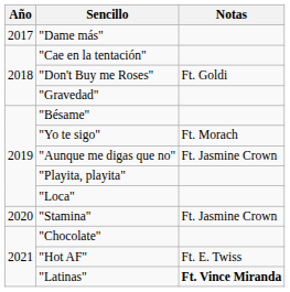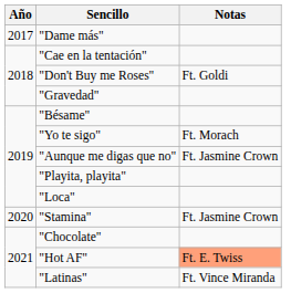 <table class="wikitable">
 <tr>
 <th>Año</th>
 <th>Sencillo</th>
 <th>Notas</th>
 </tr>
 <tr>
 <td>2017</td>
 <td>"Dame más"</td>
 <td></td>
 </tr>
 <tr>
 <td rowspan="3">2018</td>
 <td>"Cae en la tentación"</td>
 <td></td>
 </tr>
 <tr>
 <td>"Don't Buy me Roses"</td>
 <td>Ft. Goldi</td>
 </tr>
 <tr>
 <td>"Gravedad"</td>
 <td></td>
 </tr>
 <tr>
 <td rowspan="5">2019</td>
 <td>"Bésame"</td>
 <td></td>
 </tr>
 <tr>
 <td>"Yo te sigo"</td>
 <td>Ft. Morach</td>
 </tr>
 <tr>
 <td>"Aunque me digas que no"</td>
 <td>Ft. Jasmine Crown</td>
 </tr>
 <tr>
 <td>"Playita, playita"</td>
 <td></td>
 </tr>
 <tr>
 <td>"Loca"</td>
 <td></td>
 </tr>
 <tr>
 <td>2020</td>
 <td>"Stamina"</td>
 <td>Ft. Jasmine Crown</td>
 </tr>
 <tr>
 <td rowspan="3">2021</td>
 <td>"Chocolate"</td>
 <td></td>
 </tr>
 <tr>
 <td>"Hot AF"</td>
-<td>Ft. E. Twiss</td>
+<td style="background: lightsalmon;">Ft. E. Twiss</td>
 </tr>
 <tr>
 <td>"Latinas"</td>
-<td><strong>Ft. Vince Miranda</strong></td>
+<td>Ft. Vince Miranda</td>
 </tr>
 </table>
